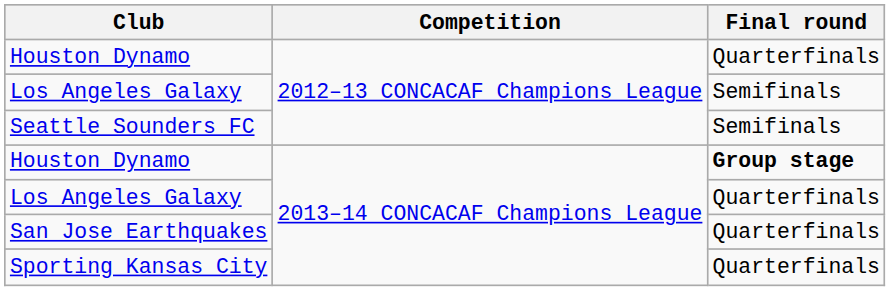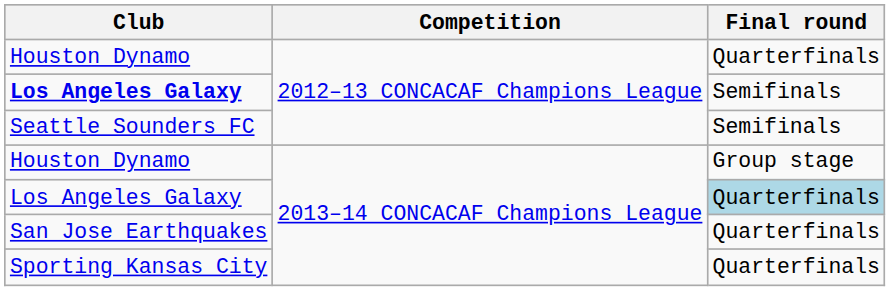 <table class="wikitable">
 <tr>
 <th>Club</th>
 <th>Competition</th>
 <th>Final round</th>
 </tr>
 <tr>
 <td><a href='#'>Houston Dynamo</a></td>
 <td rowspan=3><a href='#'>2012–13 CONCACAF Champions League</a></td>
 <td>Quarterfinals</td>
 </tr>
 <tr>
-<td><a href='#'>Los Angeles Galaxy</a></td>
+<td><strong><a href='#'>Los Angeles Galaxy</a></strong></td>
 <td>Semifinals</td>
 </tr>
 <tr>
 <td><a href='#'>Seattle Sounders FC</a></td>
 <td>Semifinals</td>
 </tr>
 <tr>
 <td><a href='#'>Houston Dynamo</a></td>
 <td rowspan=4><a href='#'>2013–14 CONCACAF Champions League</a></td>
-<td><strong>Group stage</strong></td>
+<td>Group stage</td>
 </tr>
 <tr>
 <td><a href='#'>Los Angeles Galaxy</a></td>
-<td>Quarterfinals</td>
+<td style="background: lightblue;">Quarterfinals</td>
 </tr>
 <tr>
 <td><a href='#'>San Jose Earthquakes</a></td>
 <td>Quarterfinals</td>
 </tr>
 <tr>
 <td><a href='#'>Sporting Kansas City</a></td>
 <td>Quarterfinals</td>
 </tr>
 </table>
